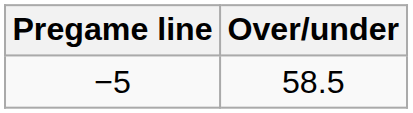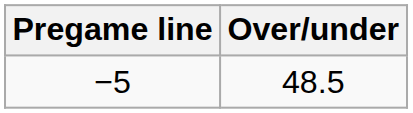 <table class="wikitable" style="margin-left: auto; margin-right: auto; border: none; display: inline-table;">
 <tr align="center">
 <th style=>Pregame line</th>
 <th style=>Over/under</th>
 </tr>
 <tr align="center">
 <td>−5</td>
-<td>58.5</td>
+<td>48.5</td>
 </tr>
 </table>
